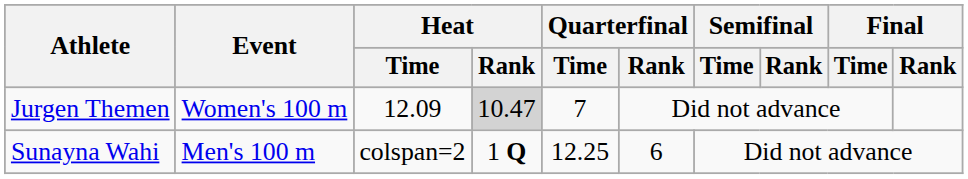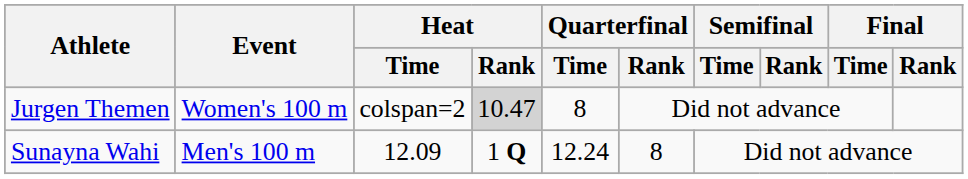 <table class=wikitable style="font-size:90%">
 <tr>
 <th rowspan="2">Athlete</th>
 <th rowspan="2">Event</th>
 <th colspan="2">Heat</th>
 <th colspan="2">Quarterfinal</th>
 <th colspan="2">Semifinal</th>
 <th colspan="2">Final</th>
 </tr>
 <tr style="font-size:95%">
 <th>Time</th>
 <th>Rank</th>
 <th>Time</th>
 <th>Rank</th>
 <th>Time</th>
 <th>Rank</th>
 <th>Time</th>
 <th>Rank</th>
 </tr>
 <tr align=center>
 <td align=left><a href='#'>Jurgen Themen</a></td>
 <td align=left><a href='#'>Women's 100 m</a></td>
-<td>12.09</td>
+<td>colspan=2 </td>
 <td style="background: lightgrey;">10.47</td>
-<td>7</td>
+<td>8</td>
 <td colspan=4>Did not advance</td>
 </tr>
 <tr align=center>
 <td align=left><a href='#'>Sunayna Wahi</a></td>
 <td align=left><a href='#'>Men's 100 m</a></td>
-<td>colspan=2 </td>
+<td>12.09</td>
 <td>1 <strong>Q</strong></td>
-<td>12.25</td>
-<td>6</td>
+<td>12.24</td>
+<td>8</td>
 <td colspan=4>Did not advance</td>
 </tr>
 </table>
